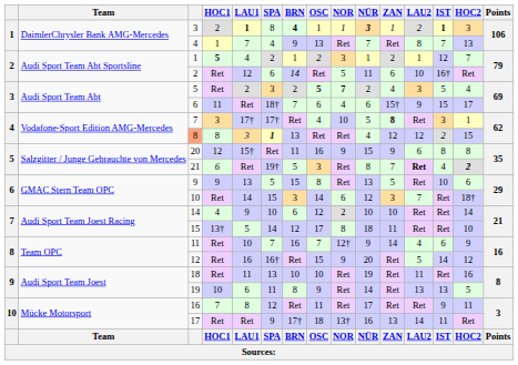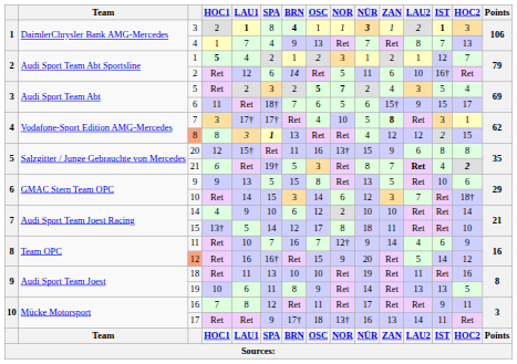 <table class="wikitable" style="font-size:85%; text-align:center">
 <tr style="background:#f9f9f9" valign="top">
 <th valign="middle"></th>
 <th valign="middle">Team</th>
 <th valign="middle"></th>
 <th><a href='#'>HOC1</a><br></th>
 <th><a href='#'>LAU1</a><br></th>
 <th><a href='#'>SPA</a><br></th>
 <th><a href='#'>BRN</a><br></th>
 <th><a href='#'>OSC</a><br></th>
 <th><a href='#'>NOR</a><br></th>
 <th><a href='#'>NÜR</a><br></th>
 <th><a href='#'>ZAN</a><br></th>
 <th><a href='#'>LAU2</a><br></th>
 <th><a href='#'>IST</a><br></th>
 <th><a href='#'>HOC2</a><br></th>
 <th valign="middle">Points</th>
 </tr>
 <tr>
 <th rowspan=2>1</th>
 <td align="left" rowspan=2><a href='#'>DaimlerChrysler Bank AMG-Mercedes</a></td>
 <td align="center">3</td>
 <td style="background:#dfdfdf;">2</td>
 <td style="background:#ffffbf;"><strong>1</strong></td>
 <td style="background:#dfffdf;">8</td>
 <td style="background:#dfffdf;"><strong>4</strong></td>
 <td style="background:#ffffbf;">1</td>
 <td style="background:#ffffbf;"><em>1</em></td>
 <td style="background:#ffdf9f;"><strong><em>3</em></strong></td>
 <td style="background:#ffffbf;"><em>1</em></td>
 <td style="background:#dfdfdf;"><em>2</em></td>
 <td style="background:#ffffbf;"><strong>1</strong></td>
 <td style="background:#ffdf9f;">3</td>
 <th rowspan=2>106</th>
 </tr>
 <tr>
 <td align="center">4</td>
 <td style="background:#ffffbf;">1</td>
 <td style="background:#dfffdf;">7</td>
 <td style="background:#dfffdf;">4</td>
 <td style="background:#cfcfff;">9</td>
 <td style="background:#cfcfff;">13</td>
 <td style="background:#efcfff;">Ret</td>
 <td style="background:#dfffdf;">7</td>
 <td style="background:#efcfff;">Ret</td>
 <td style="background:#dfffdf;">8</td>
 <td style="background:#dfffdf;">7</td>
 <td style="background:#cfcfff;">13</td>
 </tr>
 <tr>
 <th rowspan=2>2</th>
 <td align="left" rowspan=2><a href='#'>Audi Sport Team Abt Sportsline</a></td>
 <td align="center">1</td>
 <td style="background:#dfffdf;"><strong>5</strong></td>
 <td style="background:#dfffdf;">4</td>
 <td style="background:#dfdfdf;">2</td>
 <td style="background:#ffffbf;">1</td>
 <td style="background:#dfdfdf;"><em>2</em></td>
 <td style="background:#ffdf9f;">3</td>
 <td style="background:#ffffbf;">1</td>
 <td style="background:#dfdfdf;">2</td>
 <td style="background:#ffffbf;">1</td>
 <td style="background:#cfcfff;">12</td>
 <td style="background:#dfffdf;">7</td>
 <th rowspan=2>79</th>
 </tr>
 <tr>
 <td align="center">2</td>
 <td style="background:#efcfff;">Ret</td>
 <td style="background:#cfcfff;">12</td>
 <td style="background:#dfffdf;">6</td>
 <td style="background:#cfcfff;"><em>14</em></td>
 <td style="background:#efcfff;">Ret</td>
 <td style="background:#dfffdf;">5</td>
 <td style="background:#cfcfff;">11</td>
 <td style="background:#dfffdf;">6</td>
 <td style="background:#cfcfff;">10</td>
 <td style="background:#cfcfff;">16†</td>
 <td style="background:#efcfff;">Ret</td>
 </tr>
 <tr>
 <th rowspan=2>3</th>
 <td align="left" rowspan=2><a href='#'>Audi Sport Team Abt</a></td>
 <td align="center">5</td>
 <td style="background:#efcfff;">Ret</td>
 <td style="background:#dfdfdf;">2</td>
 <td style="background:#ffdf9f;">3</td>
 <td style="background:#dfdfdf;">2</td>
 <td style="background:#dfffdf;"><strong>5</strong></td>
 <td style="background:#dfffdf;"><strong>7</strong></td>
 <td style="background:#dfdfdf;">2</td>
 <td style="background:#dfffdf;">4</td>
 <td style="background:#ffdf9f;">3</td>
 <td style="background:#dfffdf;">5</td>
 <td style="background:#dfffdf;">4</td>
 <th rowspan=2>69</th>
 </tr>
 <tr>
 <td align="center">6</td>
 <td style="background:#cfcfff;">11</td>
 <td style="background:#efcfff;">Ret</td>
 <td style="background:#cfcfff;">18†</td>
 <td style="background:#dfffdf;">7</td>
 <td style="background:#dfffdf;">6</td>
-<td style="background:#dfffdf;">4</td>
+<td style="background:#dfffdf;">5</td>
 <td style="background:#dfffdf;">6</td>
 <td style="background:#cfcfff;">15†</td>
 <td style="background:#cfcfff;">9</td>
 <td style="background:#cfcfff;">15</td>
 <td style="background:#cfcfff;">17</td>
 </tr>
 <tr>
 <th rowspan=2>4</th>
 <td align="left" rowspan=2><a href='#'>Vodafone-Sport Edition AMG-Mercedes</a></td>
 <td align="center">7</td>
 <td style="background:#ffdf9f;">3</td>
 <td style="background:#cfcfff;">17†</td>
 <td style="background:#cfcfff;">17†</td>
 <td style="background:#efcfff;">Ret</td>
 <td style="background:#dfffdf;">4</td>
 <td style="background:#cfcfff;">10</td>
 <td style="background:#dfffdf;">5</td>
 <td style="background:#dfffdf;"><strong>8</strong></td>
 <td style="background:#efcfff;">Ret</td>
 <td style="background:#ffdf9f;">3</td>
 <td style="background:#ffffbf;">1</td>
 <th rowspan=2>62</th>
 </tr>
 <tr>
 <td align="center" style="background: lightsalmon;">8</td>
 <td style="background:#dfffdf;">8</td>
 <td style="background:#ffdf9f;"><em>3</em></td>
 <td style="background:#ffffbf;"><strong><em>1</em></strong></td>
 <td style="background:#cfcfff;">13</td>
 <td style="background:#efcfff;">Ret</td>
 <td style="background:#efcfff;">Ret</td>
 <td style="background:#dfffdf;">4</td>
 <td style="background:#cfcfff;">12</td>
 <td style="background:#cfcfff;">12</td>
 <td style="background:#dfdfdf;"><em>2</em></td>
 <td style="background:#cfcfff;">15</td>
 </tr>
 <tr>
 <th rowspan=2>5</th>
 <td align="left" rowspan=2><a href='#'>Salzgitter / Junge Gebrauchte von Mercedes</a></td>
 <td align="center">20</td>
 <td style="background:#cfcfff;">12</td>
 <td style="background:#cfcfff;">15†</td>
 <td style="background:#efcfff;">Ret</td>
 <td style="background:#cfcfff;">11</td>
 <td style="background:#cfcfff;">16</td>
-<td style="background:#cfcfff;">9</td>
+<td style="background:#cfcfff;">13†</td>
 <td style="background:#cfcfff;">15</td>
 <td style="background:#cfcfff;">9</td>
 <td style="background:#dfffdf;">6</td>
 <td style="background:#dfffdf;">8</td>
 <td style="background:#dfffdf;">8</td>
 <th rowspan=2>35</th>
 </tr>
 <tr>
 <td align="center">21</td>
 <td style="background:#dfffdf;"><em>6</em></td>
 <td style="background:#efcfff;">Ret</td>
 <td style="background:#cfcfff;">19†</td>
 <td style="background:#dfffdf;">5</td>
 <td style="background:#ffdf9f;">3</td>
 <td style="background:#efcfff;">Ret</td>
 <td style="background:#dfffdf;">8</td>
 <td style="background:#dfffdf;">7</td>
 <td style="background:#efcfff;"><strong>Ret</strong></td>
 <td style="background:#dfffdf;">4</td>
 <td style="background:#dfdfdf;"><strong><em>2</em></strong></td>
 </tr>
 <tr>
 <th rowspan=2>6</th>
 <td align="left" rowspan=2><a href='#'>GMAC Stern Team OPC</a></td>
 <td align="center">9</td>
 <td style="background:#cfcfff;">9</td>
 <td style="background:#cfcfff;">13</td>
 <td style="background:#dfffdf;">5</td>
 <td style="background:#cfcfff;">15</td>
 <td style="background:#dfffdf;">8</td>
 <td style="background:#efcfff;">Ret</td>
 <td style="background:#cfcfff;">13</td>
 <td style="background:#dfffdf;">5</td>
 <td style="background:#efcfff;">Ret</td>
 <td style="background:#cfcfff;">10</td>
 <td style="background:#dfffdf;">6</td>
 <th rowspan=2>29</th>
 </tr>
 <tr>
 <td align="center">10</td>
 <td style="background:#efcfff;">Ret</td>
 <td style="background:#cfcfff;">14</td>
 <td style="background:#cfcfff;">15</td>
 <td style="background:#ffdf9f;">3</td>
 <td style="background:#cfcfff;">14</td>
 <td style="background:#dfffdf;">6</td>
 <td style="background:#cfcfff;">12</td>
 <td style="background:#ffdf9f;">3</td>
 <td style="background:#dfffdf;">7</td>
 <td style="background:#efcfff;">Ret</td>
 <td style="background:#cfcfff;">18†</td>
 </tr>
 <tr>
 <th rowspan=2>7</th>
 <td align="left" rowspan=2><a href='#'>Audi Sport Team Joest Racing</a></td>
 <td align="center">14</td>
 <td style="background:#dfffdf;">4</td>
 <td style="background:#cfcfff;">9</td>
 <td style="background:#cfcfff;">10</td>
 <td style="background:#dfffdf;">6</td>
 <td style="background:#cfcfff;">12</td>
 <td style="background:#dfdfdf;">2</td>
 <td style="background:#cfcfff;">10</td>
 <td style="background:#cfcfff;">10</td>
 <td style="background:#efcfff;">Ret</td>
 <td style="background:#efcfff;">Ret</td>
 <td style="background:#cfcfff;">14</td>
 <th rowspan=2>21</th>
 </tr>
 <tr>
 <td align="center">15</td>
 <td style="background:#cfcfff;">13†</td>
 <td style="background:#dfffdf;">5</td>
 <td style="background:#cfcfff;">14</td>
 <td style="background:#cfcfff;">12</td>
 <td style="background:#cfcfff;">17</td>
 <td style="background:#dfffdf;">8</td>
 <td style="background:#cfcfff;">18</td>
 <td style="background:#cfcfff;">11</td>
 <td style="background:#efcfff;">Ret</td>
 <td style="background:#efcfff;">Ret</td>
 <td style="background:#cfcfff;">10</td>
 </tr>
 <tr>
 <th rowspan=2>8</th>
 <td align="left" rowspan=2><a href='#'>Team OPC</a></td>
 <td align="center">11</td>
 <td style="background:#efcfff;">Ret</td>
 <td style="background:#cfcfff;">10</td>
 <td style="background:#dfffdf;">7</td>
 <td style="background:#cfcfff;">16</td>
 <td style="background:#dfffdf;">7</td>
 <td style="background:#cfcfff;">12†</td>
 <td style="background:#cfcfff;">9</td>
 <td style="background:#cfcfff;">14</td>
 <td style="background:#dfffdf;">4</td>
 <td style="background:#dfffdf;">6</td>
 <td style="background:#cfcfff;">9</td>
 <th rowspan=2>16</th>
 </tr>
 <tr>
-<td align="center">12</td>
+<td align="center" style="background: lightsalmon;">12</td>
 <td style="background:#efcfff;">Ret</td>
 <td style="background:#cfcfff;">16</td>
 <td style="background:#cfcfff;">16†</td>
 <td style="background:#efcfff;">Ret</td>
 <td style="background:#cfcfff;">15</td>
 <td style="background:#cfcfff;">9</td>
 <td style="background:#cfcfff;">20</td>
 <td style="background:#efcfff;">Ret</td>
 <td style="background:#dfffdf;">5</td>
 <td style="background:#cfcfff;">14</td>
 <td style="background:#cfcfff;">12</td>
 </tr>
 <tr>
 <th rowspan=2>9</th>
 <td align="left" rowspan=2><a href='#'>Audi Sport Team Joest</a></td>
 <td align="center">18</td>
 <td style="background:#efcfff;">Ret</td>
 <td style="background:#cfcfff;">11</td>
 <td style="background:#cfcfff;">13</td>
 <td style="background:#cfcfff;">10</td>
 <td style="background:#cfcfff;">10</td>
 <td style="background:#efcfff;">Ret</td>
 <td style="background:#cfcfff;">19</td>
 <td style="background:#efcfff;">Ret</td>
 <td style="background:#cfcfff;">11</td>
 <td style="background:#efcfff;">Ret</td>
 <td style="background:#cfcfff;">16</td>
 <th rowspan=2>8</th>
 </tr>
 <tr>
 <td align="center">19</td>
 <td style="background:#cfcfff;">10</td>
 <td style="background:#dfffdf;">6</td>
 <td style="background:#cfcfff;">11</td>
 <td style="background:#dfffdf;">8</td>
 <td style="background:#cfcfff;">9</td>
 <td style="background:#efcfff;">Ret</td>
 <td style="background:#cfcfff;">14</td>
 <td style="background:#efcfff;">Ret</td>
 <td style="background:#cfcfff;">13</td>
 <td style="background:#cfcfff;">13</td>
 <td style="background:#dfffdf;">5</td>
 </tr>
 <tr>
 <th rowspan=2>10</th>
 <td align="left" rowspan=2><a href='#'>Mücke Motorsport</a></td>
 <td align="center">16</td>
 <td style="background:#dfffdf;">7</td>
 <td style="background:#dfffdf;">8</td>
 <td style="background:#cfcfff;">12</td>
 <td style="background:#efcfff;">Ret</td>
 <td style="background:#cfcfff;">11</td>
 <td style="background:#efcfff;">Ret</td>
 <td style="background:#cfcfff;">17</td>
 <td style="background:#efcfff;">Ret</td>
 <td style="background:#efcfff;">Ret</td>
 <td style="background:#cfcfff;">9</td>
 <td style="background:#cfcfff;">11</td>
 <th rowspan=2>3</th>
 </tr>
 <tr>
 <td align="center">17</td>
 <td style="background:#efcfff;">Ret</td>
 <td style="background:#efcfff;">Ret</td>
 <td style="background:#cfcfff;">9</td>
 <td style="background:#cfcfff;">17†</td>
 <td style="background:#cfcfff;">18</td>
 <td style="background:#cfcfff;">13†</td>
 <td style="background:#cfcfff;">16</td>
 <td style="background:#cfcfff;">13</td>
 <td style="background:#cfcfff;">14</td>
 <td style="background:#cfcfff;">11</td>
 <td style="background:#efcfff;">Ret</td>
 </tr>
 <tr>
 <th valign="middle"></th>
 <th valign="middle">Team</th>
 <th valign="middle"></th>
 <th><a href='#'>HOC1</a><br></th>
 <th><a href='#'>LAU1</a><br></th>
 <th><a href='#'>SPA</a><br></th>
 <th><a href='#'>BRN</a><br></th>
 <th><a href='#'>OSC</a><br></th>
 <th><a href='#'>NOR</a><br></th>
 <th><a href='#'>NÜR</a><br></th>
 <th><a href='#'>ZAN</a><br></th>
 <th><a href='#'>LAU2</a><br></th>
 <th><a href='#'>IST</a><br></th>
 <th><a href='#'>HOC2</a><br></th>
 <th valign="middle">Points</th>
 </tr>
 <tr>
 <th colspan="15">Sources:</th>
 </tr>
 </table>
